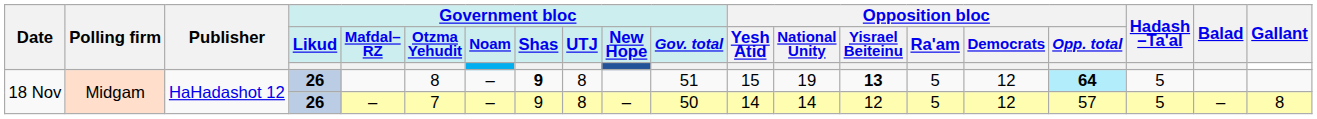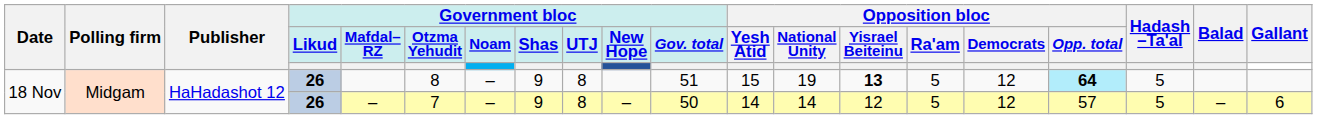 <table class="wikitable sortable" style=text-align:center;font-size:90%;line-height:12px>
 <tr>
 <th rowspan=3>Date</th>
 <th rowspan=3>Polling firm</th>
 <th rowspan=3>Publisher</th>
 <th colspan=8 style=background:#cee;><a href='#'>Government bloc</a></th>
 <th colspan=6><a href='#'>Opposition bloc</a></th>
 <th rowspan=2><a href='#'>Hadash<br>–Ta'al</a></th>
 <th rowspan=2><a href='#'>Balad</a></th>
 <th rowspan=2><a href='#'>Gallant</a></th>
 </tr>
 <tr>
 <th style=background:#cee><a href='#'>Likud</a></th>
 <th style=background:#cee;font-size:90%><a href='#'>Mafdal–<br>RZ</a></th>
 <th style=background:#cee;font-size:90%><a href='#'>Otzma<br>Yehudit</a></th>
 <th style=background:#cee;font-size:90%><a href='#'>Noam</a></th>
 <th style=background:#cee><a href='#'>Shas</a></th>
 <th style=background:#cee><a href='#'>UTJ</a></th>
 <th style=background:#cee><a href='#'>New<br>Hope</a></th>
 <th style=background:#cee;font-size:90%><a href='#'><em>Gov. total</em></a></th>
 <th><a href='#'>Yesh<br>Atid</a></th>
 <th style=font-size:90%><a href='#'>National<br>Unity</a></th>
 <th style=font-size:90%><a href='#'>Yisrael<br>Beiteinu</a></th>
 <th><a href='#'>Ra'am</a></th>
 <th style=font-size:90%><a href='#'>Democrats</a></th>
 <th style=font-size:90%><a href='#'><em>Opp. total</em></a></th>
 </tr>
 <tr>
 <th style=background:></th>
 <th style=background:></th>
 <th style=background:></th>
 <th style=background:#01AFF0></th>
 <th style=background:></th>
 <th style=background:></th>
 <th style=background:#235298></th>
 <th style=background:></th>
 <th style=background:></th>
 <th style=background:></th>
 <th style=background:></th>
 <th style=background:></th>
 <th style=background:></th>
 <th style=background:></th>
 <th style=background:></th>
 <th style=background:></th>
 <th style=background:#FFFFFF></th>
 </tr>
 <tr>
 <td rowspan=2 data-sort-value=2024-11-18>18 Nov</td>
 <td rowspan=2 style=background:#FFDFCC>Midgam</td>
 <td rowspan=2><a href='#'>HaHadashot 12</a></td>
 <td style=background:#BBCDE4><strong>26</strong> </td>
 <td>	</td>
 <td>8					</td>
 <td>–					</td>
-<td><strong>9					</strong></td>
+<td>9					</td>
 <td>8					</td>
 <td>	</td>
 <td>51					</td>
 <td>15					</td>
 <td>19	                </td>
 <td><strong>13					</strong></td>
 <td>5					</td>
 <td>12		            </td>
 <td style=background:#B2EDFB><strong>64</strong>	</td>
 <td>5					</td>
 <td>	</td>
 <td>			</td>
 </tr>
 <tr style=background:#fffdb0>
 <td style=background:#BBCDE4><strong>26</strong> </td>
 <td>–	                </td>
 <td>7					</td>
 <td>–					</td>
 <td>9					</td>
 <td>8					</td>
 <td>–	                </td>
 <td>50					</td>
 <td>14					</td>
 <td>14					</td>
 <td>12					</td>
 <td>5					</td>
 <td>12		            </td>
 <td>57					</td>
 <td>5					</td>
 <td>–                  </td>
-<td>8			        </td>
+<td>6			        </td>
 </tr>
 </table>
